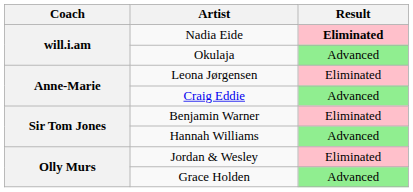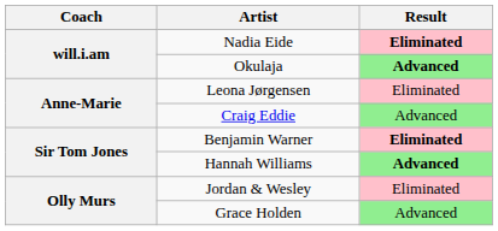 <table class="wikitable plainrowheaders" style="text-align:center; width:40%">
 <tr>
 <th style="width:15%">Coach</th>
 <th style="width:20%">Artist</th>
 <th style="width:10%">Result</th>
 </tr>
 <tr>
 <th scope="row" rowspan="2">will.i.am</th>
 <td>Nadia Eide</td>
 <td style="background:pink;"><strong>Eliminated</strong></td>
 </tr>
 <tr>
 <td>Okulaja</td>
-<td style="background:lightgreen;">Advanced</td>
+<td style="background:lightgreen;"><strong>Advanced</strong></td>
 </tr>
 <tr>
 <th scope="row" rowspan="2">Anne-Marie</th>
 <td>Leona Jørgensen</td>
 <td style="background:pink;">Eliminated</td>
 </tr>
 <tr>
 <td><a href='#'>Craig Eddie</a></td>
 <td style="background:lightgreen;">Advanced</td>
 </tr>
 <tr>
 <th scope="row" rowspan="2">Sir Tom Jones</th>
 <td>Benjamin Warner</td>
-<td style="background:pink;">Eliminated</td>
+<td style="background:pink;"><strong>Eliminated</strong></td>
 </tr>
 <tr>
 <td>Hannah Williams</td>
-<td style="background:lightgreen;">Advanced</td>
+<td style="background:lightgreen;"><strong>Advanced</strong></td>
 </tr>
 <tr>
 <th scope="row" rowspan="2">Olly Murs</th>
 <td>Jordan & Wesley</td>
 <td style="background:pink;">Eliminated</td>
 </tr>
 <tr>
 <td>Grace Holden</td>
 <td style="background:lightgreen;">Advanced</td>
 </tr>
 </table>
